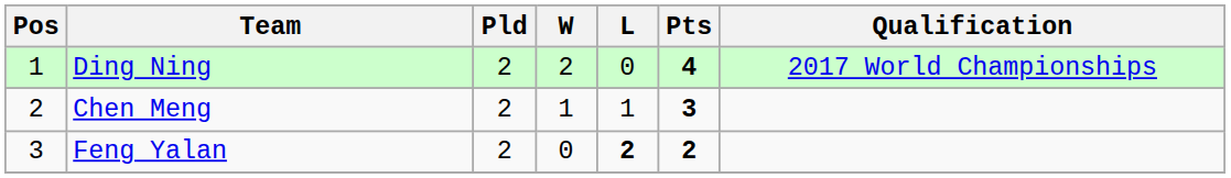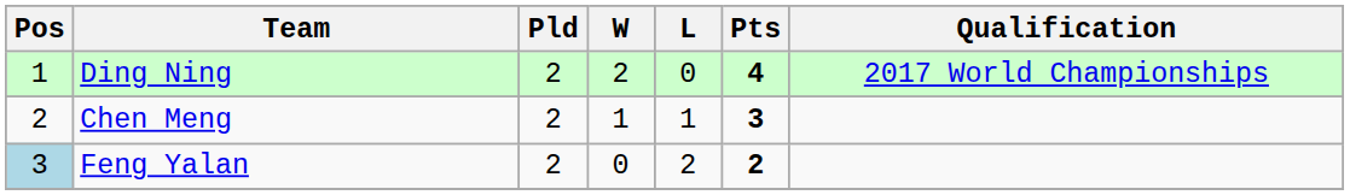 <table class="wikitable" style="text-align:center">
 <tr>
 <th width=25>Pos</th>
 <th width=200>Team</th>
 <th width=25>Pld</th>
 <th width=25>W</th>
 <th width=25>L</th>
 <th width=25>Pts</th>
 <th width=250>Qualification</th>
 </tr>
 <tr bgcolor=ccffcc>
 <td>1</td>
 <td style="text-align:left;"><a href='#'>Ding Ning</a></td>
 <td>2</td>
 <td>2</td>
 <td>0</td>
 <td><strong>4</strong></td>
 <td style="text-align:center;"><a href='#'>2017 World Championships</a></td>
 </tr>
 <tr>
 <td>2</td>
 <td style="text-align:left;"><a href='#'>Chen Meng</a></td>
 <td>2</td>
 <td>1</td>
 <td>1</td>
 <td><strong>3</strong></td>
 <td></td>
 </tr>
 <tr>
-<td>3</td>
+<td style="background: lightblue;">3</td>
 <td style="text-align:left;"><a href='#'>Feng Yalan</a></td>
 <td>2</td>
 <td>0</td>
-<td><strong>2</strong></td>
+<td>2</td>
 <td><strong>2</strong></td>
 <td></td>
 </tr>
 <tr>
 </tr>
 </table>
